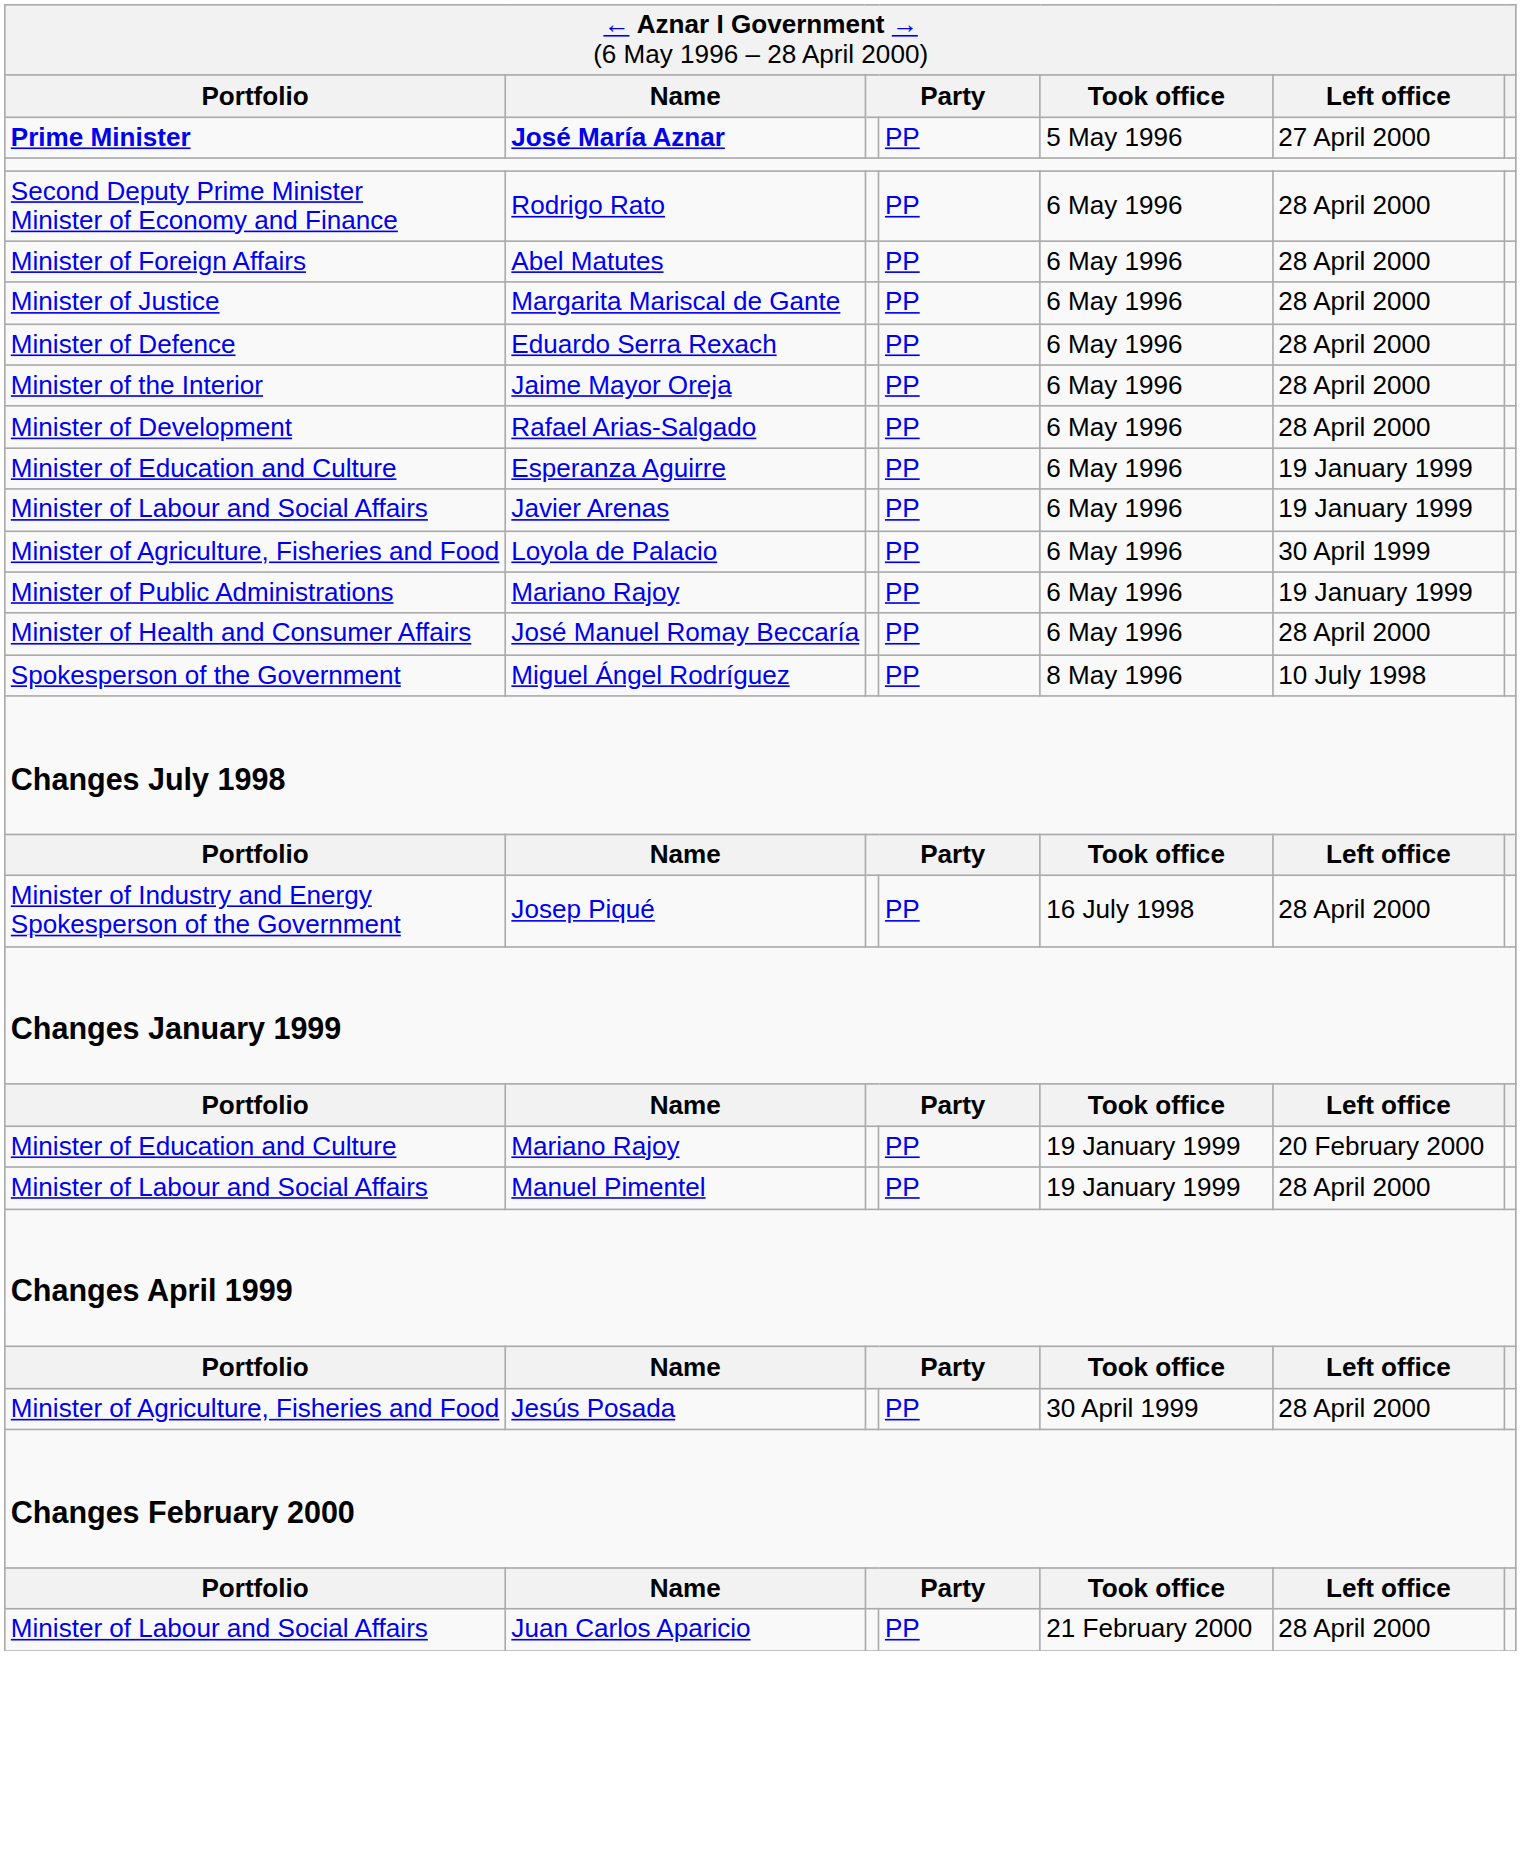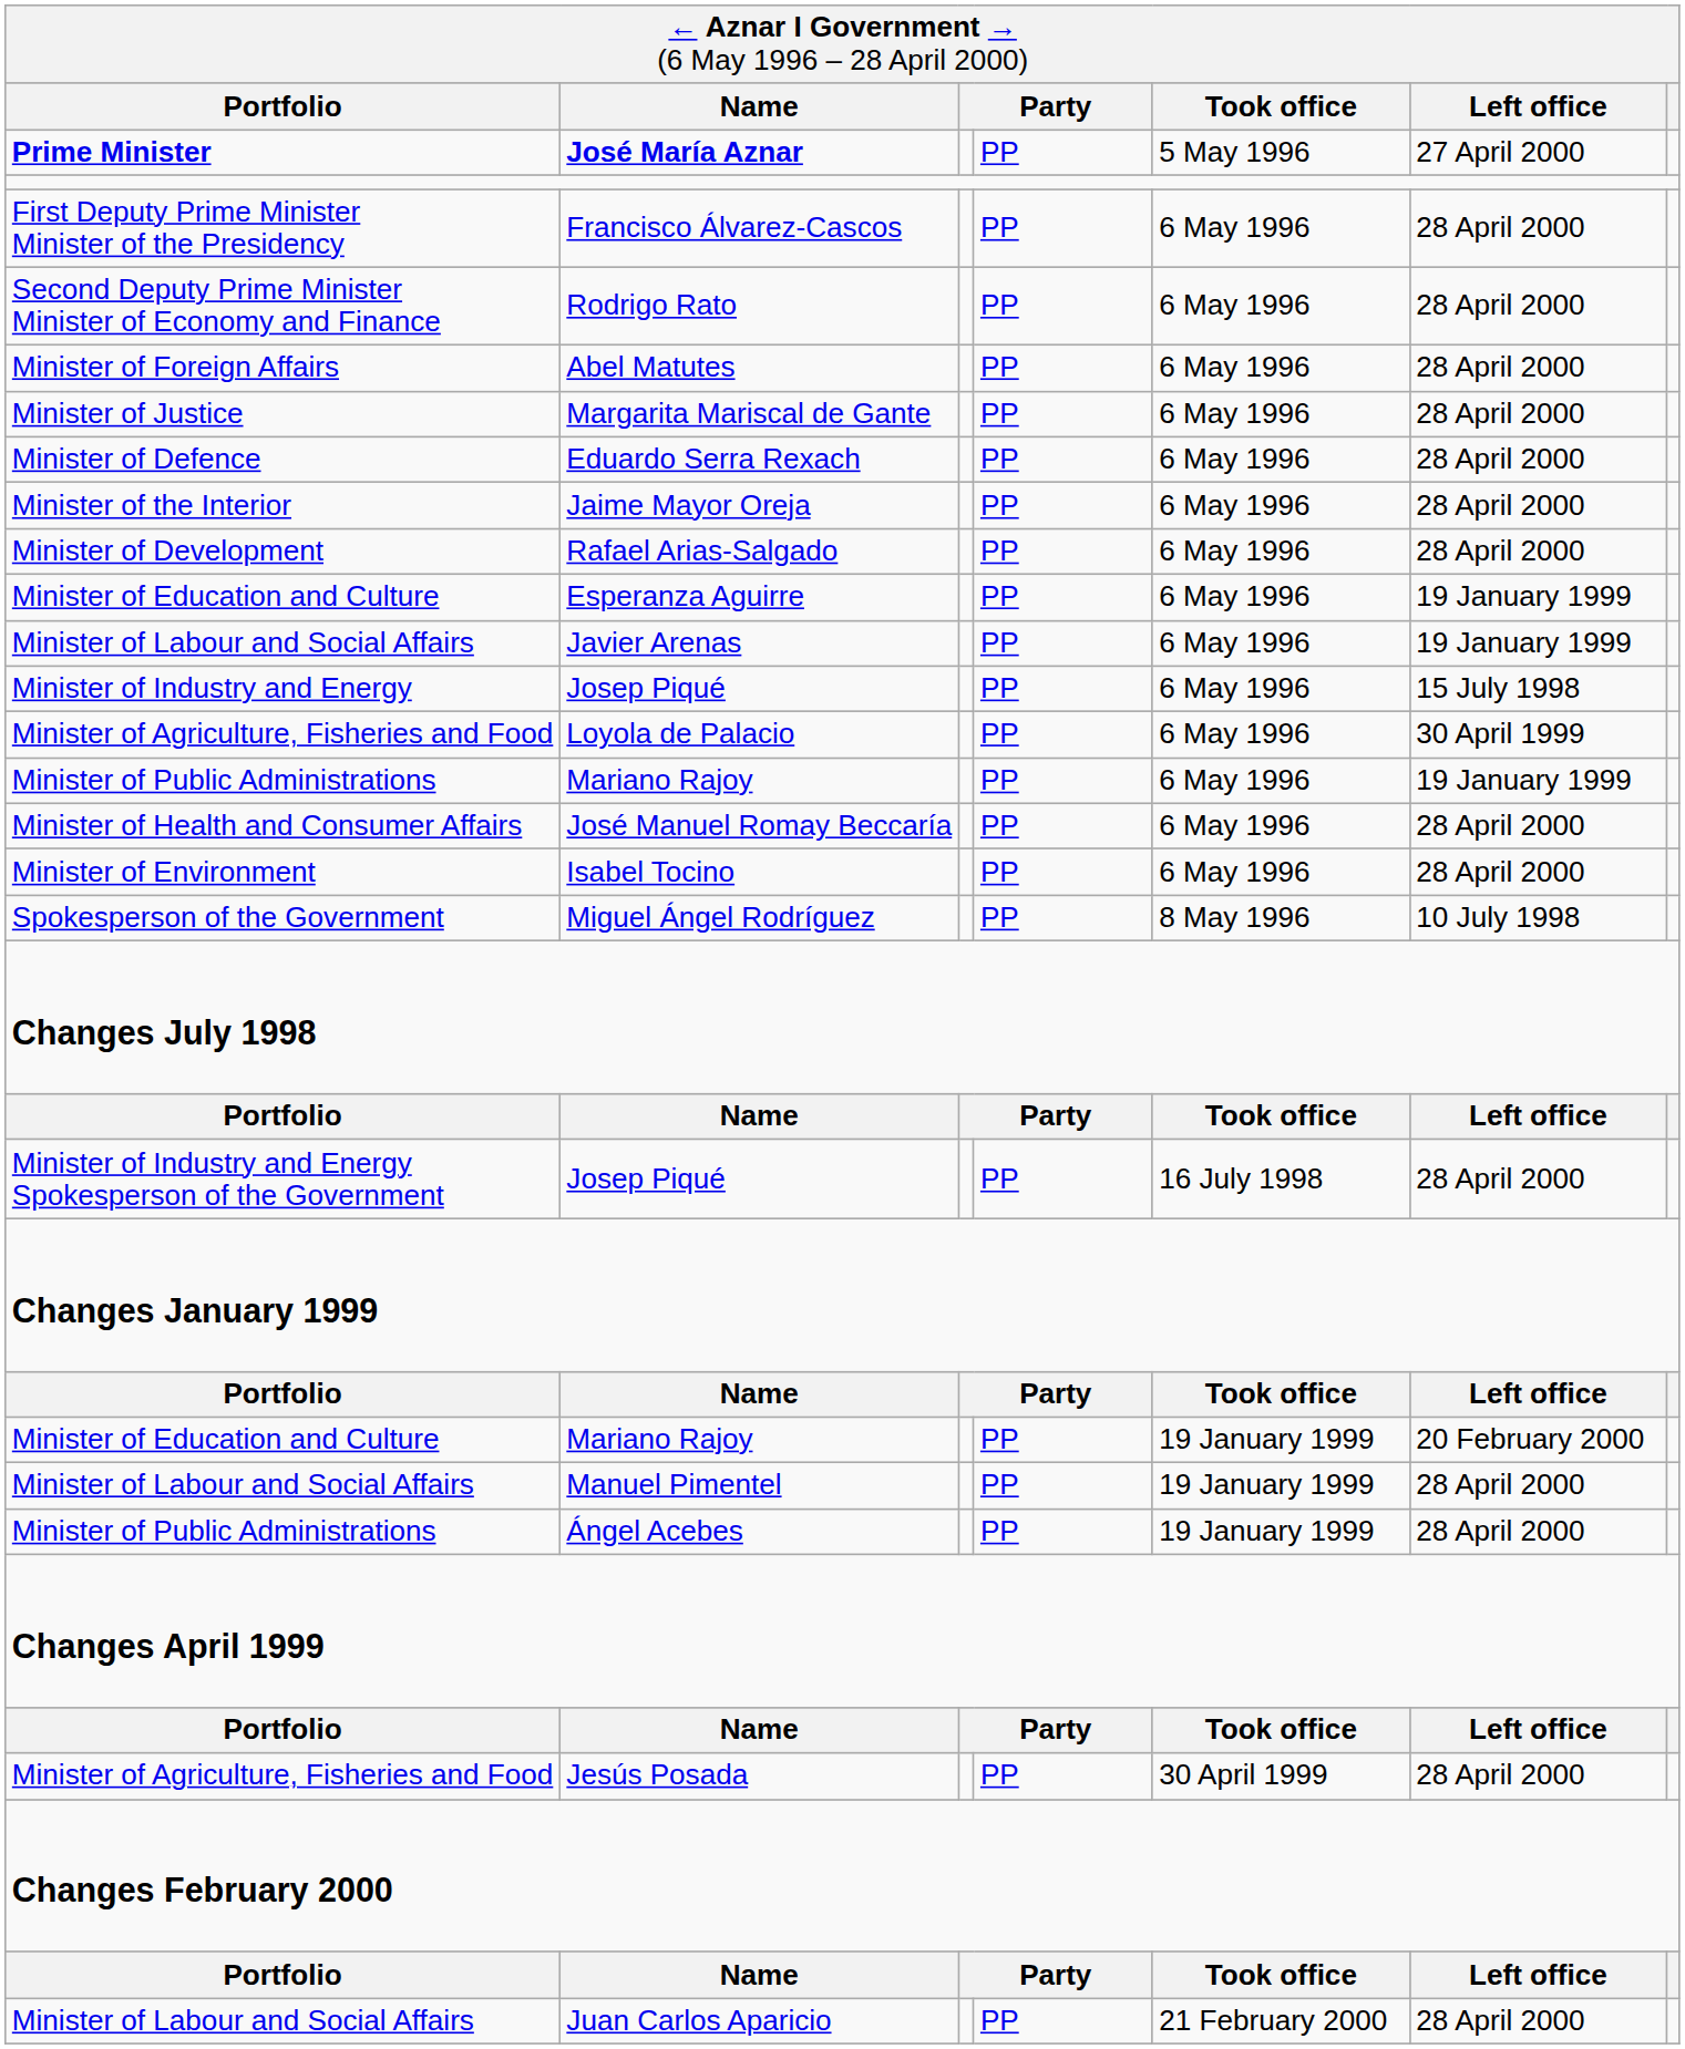 <table class="wikitable">
 <tr>
 <td colspan="7" bgcolor="#F2F2F2" align="center"><a href='#'>←</a> <strong>Aznar I Government</strong> <a href='#'>→</a><br>(6 May 1996 – 28 April 2000)</td>
 </tr>
 <tr>
 <th>Portfolio</th>
 <th>Name</th>
 <th width="100px" colspan="2">Party</th>
 <th width="135px">Took office</th>
 <th width="135px">Left office</th>
 <th></th>
 </tr>
 <tr>
 <td><strong><a href='#'>Prime Minister</a></strong></td>
 <td><strong><a href='#'>José María Aznar</a></strong></td>
 <td width="1" style="background-color:"></td>
 <td><a href='#'>PP</a></td>
 <td>5 May 1996</td>
 <td>27 April 2000</td>
 <td align="center"></td>
 </tr>
 <tr>
 <td colspan="7"></td>
+</tr>
+<tr>
+<td><a href='#'>First Deputy Prime Minister</a><br><a href='#'>Minister of the Presidency</a></td>
+<td><a href='#'>Francisco Álvarez-Cascos</a></td>
+<td style="background-color:"></td>
+<td><a href='#'>PP</a></td>
+<td>6 May 1996</td>
+<td>28 April 2000</td>
+<td align="center"><br></td>
 </tr>
 <tr>
 <td><a href='#'>Second Deputy Prime Minister</a><br><a href='#'>Minister of Economy and Finance</a></td>
 <td><a href='#'>Rodrigo Rato</a></td>
 <td style="background-color:"></td>
 <td><a href='#'>PP</a></td>
 <td>6 May 1996</td>
 <td>28 April 2000</td>
 <td align="center"><br></td>
 </tr>
 <tr>
 <td><a href='#'>Minister of Foreign Affairs</a></td>
 <td><a href='#'>Abel Matutes</a></td>
 <td style="background-color:"></td>
 <td><a href='#'>PP</a></td>
 <td>6 May 1996</td>
 <td>28 April 2000</td>
 <td align="center"></td>
 </tr>
 <tr>
 <td><a href='#'>Minister of Justice</a></td>
 <td><a href='#'>Margarita Mariscal de Gante</a></td>
 <td style="background-color:"></td>
 <td><a href='#'>PP</a> </td>
 <td>6 May 1996</td>
 <td>28 April 2000</td>
 <td align="center"></td>
 </tr>
 <tr>
 <td><a href='#'>Minister of Defence</a></td>
 <td><a href='#'>Eduardo Serra Rexach</a></td>
 <td style="background-color:"></td>
 <td><a href='#'>PP</a> </td>
 <td>6 May 1996</td>
 <td>28 April 2000</td>
 <td align="center"></td>
 </tr>
 <tr>
 <td><a href='#'>Minister of the Interior</a></td>
 <td><a href='#'>Jaime Mayor Oreja</a></td>
 <td style="background-color:"></td>
 <td><a href='#'>PP</a></td>
 <td>6 May 1996</td>
 <td>28 April 2000</td>
 <td align="center"></td>
 </tr>
 <tr>
 <td><a href='#'>Minister of Development</a></td>
 <td><a href='#'>Rafael Arias-Salgado</a></td>
 <td style="background-color:"></td>
 <td><a href='#'>PP</a></td>
 <td>6 May 1996</td>
 <td>28 April 2000</td>
 <td align="center"></td>
 </tr>
 <tr>
 <td><a href='#'>Minister of Education and Culture</a></td>
 <td><a href='#'>Esperanza Aguirre</a></td>
 <td style="background-color:"></td>
 <td><a href='#'>PP</a></td>
 <td>6 May 1996</td>
 <td>19 January 1999</td>
 <td align="center"></td>
 </tr>
 <tr>
 <td><a href='#'>Minister of Labour and Social Affairs</a></td>
 <td><a href='#'>Javier Arenas</a></td>
 <td style="background-color:"></td>
 <td><a href='#'>PP</a></td>
 <td>6 May 1996</td>
 <td>19 January 1999</td>
 <td align="center"></td>
 </tr>
 <tr>
+<td><a href='#'>Minister of Industry and Energy</a></td>
+<td><a href='#'>Josep Piqué</a></td>
+<td style="background-color:"></td>
+<td><a href='#'>PP</a> </td>
+<td>6 May 1996</td>
+<td>15 July 1998</td>
+<td align="center"></td>
+</tr>
+<tr>
 <td><a href='#'>Minister of Agriculture, Fisheries and Food</a></td>
 <td><a href='#'>Loyola de Palacio</a></td>
 <td style="background-color:"></td>
 <td><a href='#'>PP</a></td>
 <td>6 May 1996</td>
 <td>30 April 1999</td>
 <td align="center"></td>
 </tr>
 <tr>
 <td><a href='#'>Minister of Public Administrations</a></td>
 <td><a href='#'>Mariano Rajoy</a></td>
 <td style="background-color:"></td>
 <td><a href='#'>PP</a></td>
 <td>6 May 1996</td>
 <td>19 January 1999</td>
 <td align="center"></td>
 </tr>
 <tr>
 <td><a href='#'>Minister of Health and Consumer Affairs</a></td>
 <td><a href='#'>José Manuel Romay Beccaría</a></td>
+<td style="background-color:"></td>
+<td><a href='#'>PP</a></td>
+<td>6 May 1996</td>
+<td>28 April 2000</td>
+<td align="center"></td>
+</tr>
+<tr>
+<td><a href='#'>Minister of Environment</a></td>
+<td><a href='#'>Isabel Tocino</a></td>
 <td style="background-color:"></td>
 <td><a href='#'>PP</a></td>
 <td>6 May 1996</td>
 <td>28 April 2000</td>
 <td align="center"></td>
 </tr>
 <tr>
 <td><a href='#'>Spokesperson of the Government</a></td>
 <td><a href='#'>Miguel Ángel Rodríguez</a></td>
 <td style="background-color:"></td>
 <td><a href='#'>PP</a></td>
 <td>8 May 1996</td>
 <td>10 July 1998</td>
 <td align="center"></td>
 </tr>
 <tr>
 <td colspan="7"><br><h3>Changes July 1998</h3></td>
 </tr>
 <tr>
 <th>Portfolio</th>
 <th>Name</th>
 <th colspan="2">Party</th>
 <th>Took office</th>
 <th>Left office</th>
 <th></th>
 </tr>
 <tr>
 <td><a href='#'>Minister of Industry and Energy</a><br><a href='#'>Spokesperson of the Government</a></td>
 <td><a href='#'>Josep Piqué</a></td>
 <td style="background-color:"></td>
 <td><a href='#'>PP</a> </td>
 <td>16 July 1998</td>
 <td>28 April 2000</td>
 <td align="center"></td>
 </tr>
 <tr>
 <td colspan="7"><br><h3>Changes January 1999</h3></td>
 </tr>
 <tr>
 <th>Portfolio</th>
 <th>Name</th>
 <th colspan="2">Party</th>
 <th>Took office</th>
 <th>Left office</th>
 <th></th>
 </tr>
 <tr>
 <td><a href='#'>Minister of Education and Culture</a></td>
 <td><a href='#'>Mariano Rajoy</a></td>
 <td style="background-color:"></td>
 <td><a href='#'>PP</a></td>
 <td>19 January 1999</td>
 <td>20 February 2000</td>
 <td align="center"></td>
 </tr>
 <tr>
 <td><a href='#'>Minister of Labour and Social Affairs</a></td>
 <td><a href='#'>Manuel Pimentel</a></td>
 <td style="background-color:"></td>
 <td><a href='#'>PP</a></td>
 <td>19 January 1999</td>
 <td>28 April 2000</td>
 <td align="center"></td>
 </tr>
 <tr>
+<td><a href='#'>Minister of Public Administrations</a></td>
+<td><a href='#'>Ángel Acebes</a></td>
+<td style="background-color:"></td>
+<td><a href='#'>PP</a></td>
+<td>19 January 1999</td>
+<td>28 April 2000</td>
+<td align="center"></td>
+</tr>
+<tr>
 <td colspan="7"><br><h3>Changes April 1999</h3></td>
 </tr>
 <tr>
 <th>Portfolio</th>
 <th>Name</th>
 <th colspan="2">Party</th>
 <th>Took office</th>
 <th>Left office</th>
 <th></th>
 </tr>
 <tr>
 <td><a href='#'>Minister of Agriculture, Fisheries and Food</a></td>
 <td><a href='#'>Jesús Posada</a></td>
 <td style="background-color:"></td>
 <td><a href='#'>PP</a></td>
 <td>30 April 1999</td>
 <td>28 April 2000</td>
 <td align="center"></td>
 </tr>
 <tr>
 <td colspan="7"><br><h3>Changes February 2000</h3></td>
 </tr>
 <tr>
 <th>Portfolio</th>
 <th>Name</th>
 <th colspan="2">Party</th>
 <th>Took office</th>
 <th>Left office</th>
 <th></th>
 </tr>
 <tr>
 <td><a href='#'>Minister of Labour and Social Affairs</a></td>
 <td><a href='#'>Juan Carlos Aparicio</a></td>
 <td style="background-color:"></td>
 <td><a href='#'>PP</a></td>
 <td>21 February 2000</td>
 <td>28 April 2000</td>
 <td align="center"></td>
 </tr>
 </table>
